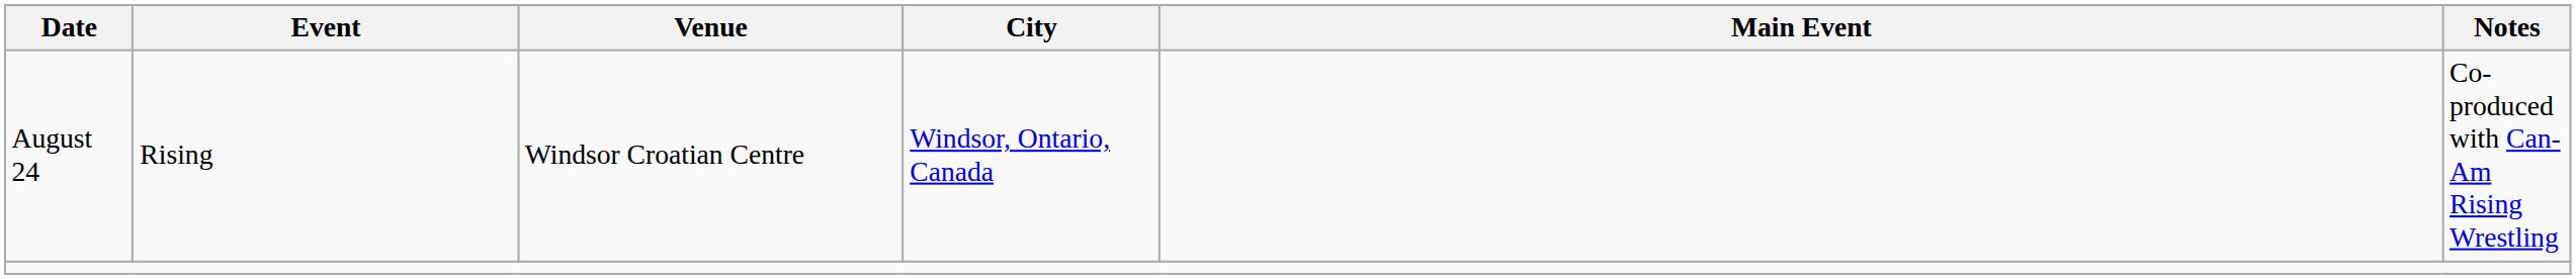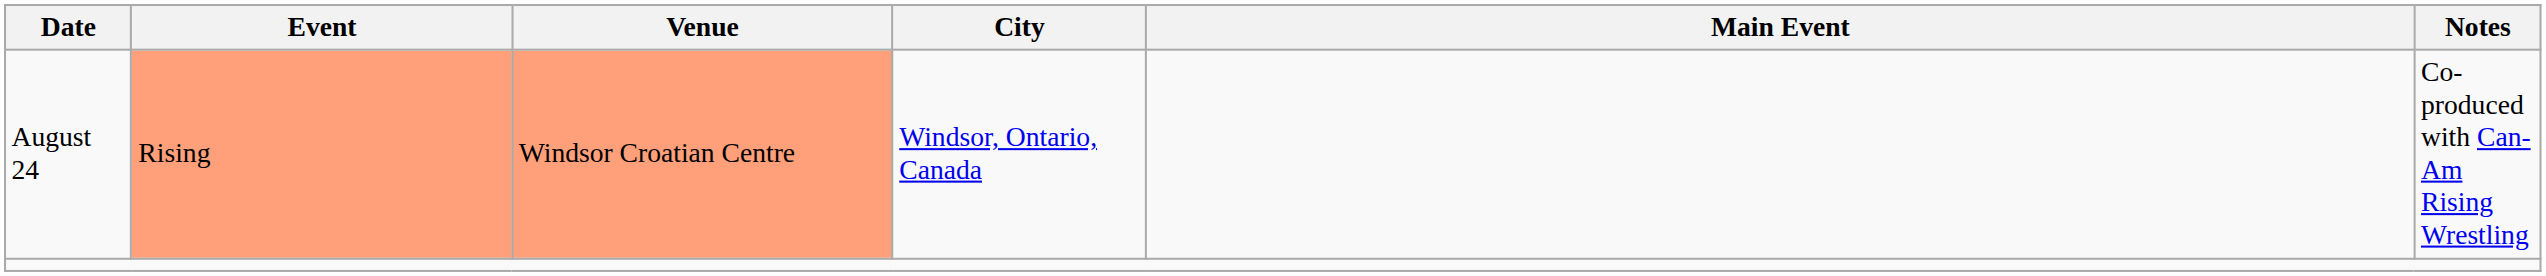 <table class="sortable wikitable succession-box" style="font-size:85%;">
 <tr>
 <th scope="col" style="width:5%;">Date</th>
 <th scope="col" style="width:15%;">Event</th>
 <th scope="col" style="width:15%;">Venue</th>
 <th scope="col" style="width:10%;">City</th>
 <th scope="col" style="width:50%;">Main Event</th>
 <th scope="col" style="width:10%;">Notes</th>
 </tr>
 <tr>
 <td>August 24</td>
-<td>Rising</td>
-<td>Windsor Croatian Centre</td>
+<td style="background: lightsalmon;">Rising</td>
+<td style="background: lightsalmon;">Windsor Croatian Centre</td>
 <td><a href='#'>Windsor, Ontario, Canada</a></td>
 <td></td>
 <td>Co-produced with <a href='#'>Can-Am Rising Wrestling</a></td>
 </tr>
 <tr>
 <td colspan="6"></td>
 </tr>
 </table>
